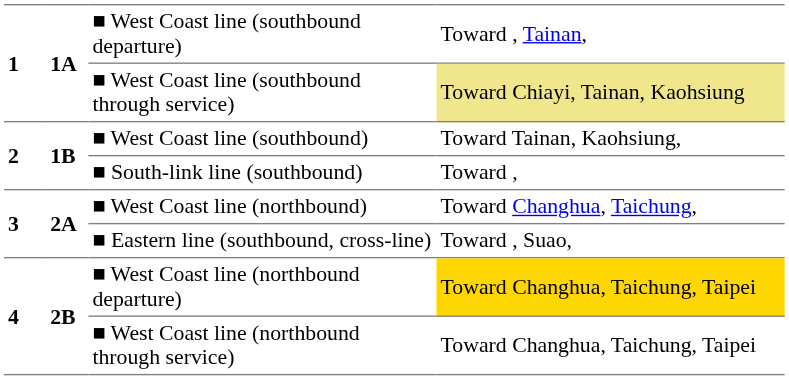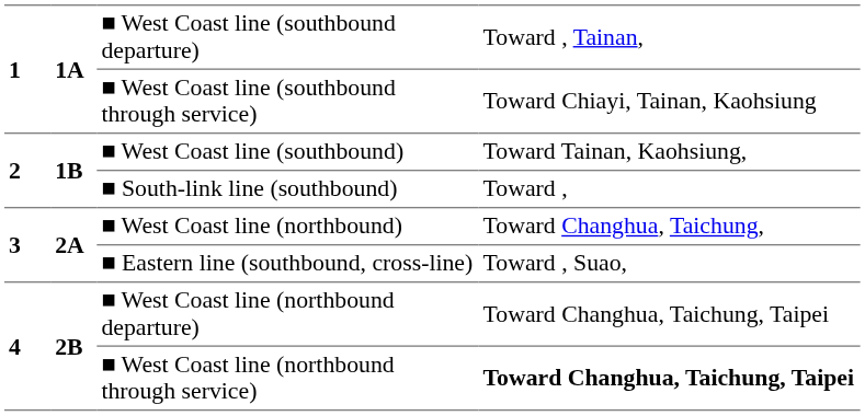 <table table border=0 cellspacing=0 cellpadding=3>
 <tr>
 <td width=25 style="border-top:solid 1px gray; border-bottom:solid 1px gray;" rowspan=2><strong>1</strong></td>
 <td width=25 style="border-top:solid 1px gray; border-bottom:solid 1px gray;" rowspan=2><strong>1A</strong></td>
 <td width=250 style="border-top:solid 1px gray; border-bottom:solid 1px gray;"><span>■</span> West Coast line (southbound departure)</td>
 <td width=250 style="border-top:solid 1px gray; border-bottom:solid 1px gray;">Toward , <a href='#'>Tainan</a>, </td>
 </tr>
 <tr>
 <td width=250 style="border-bottom:solid 1px gray;"><span>■</span> West Coast line (southbound through service)</td>
-<td width=250 style="background: khaki; border-bottom:solid 1px gray;">Toward Chiayi, Tainan, Kaohsiung</td>
+<td width=250 style="border-bottom:solid 1px gray;">Toward Chiayi, Tainan, Kaohsiung</td>
 </tr>
 <tr>
 <td style="border-bottom:solid 1px gray;" rowspan=2><strong>2</strong></td>
 <td style="border-bottom:solid 1px gray;" rowspan=2><strong>1B</strong></td>
 <td style="border-bottom:solid 1px gray;"><span>■</span> West Coast line (southbound)</td>
 <td style="border-bottom:solid 1px gray;">Toward Tainan, Kaohsiung, </td>
 </tr>
 <tr>
 <td style="border-bottom:solid 1px gray;"><span>■</span> South-link line (southbound)</td>
 <td style="border-bottom:solid 1px gray;">Toward , </td>
 </tr>
 <tr>
 <td style="border-bottom:solid 1px gray;" rowspan=2><strong>3</strong></td>
 <td style="border-bottom:solid 1px gray;" rowspan=2><strong>2A</strong></td>
 <td style="border-bottom:solid 1px gray;"><span>■</span> West Coast line (northbound)</td>
 <td style="border-bottom:solid 1px gray;">Toward <a href='#'>Changhua</a>, <a href='#'>Taichung</a>, </td>
 </tr>
 <tr>
 <td style="border-bottom:solid 1px gray;"><span>■</span> Eastern line (southbound, cross-line)</td>
 <td style="border-bottom:solid 1px gray;">Toward , Suao, </td>
 </tr>
 <tr>
 <td style="border-bottom:solid 1px gray;" rowspan=2><strong>4</strong></td>
 <td style="border-bottom:solid 1px gray;" rowspan=2><strong>2B</strong></td>
 <td style="border-bottom:solid 1px gray;"><span>■</span> West Coast line (northbound departure)</td>
-<td style="background: gold; border-bottom:solid 1px gray;">Toward Changhua, Taichung, Taipei</td>
+<td style="border-bottom:solid 1px gray;">Toward Changhua, Taichung, Taipei</td>
 </tr>
 <tr>
 <td style="border-bottom:solid 1px gray;"><span>■</span> West Coast line (northbound through service)</td>
-<td style="border-bottom:solid 1px gray;">Toward Changhua, Taichung, Taipei</td>
+<td style="border-bottom:solid 1px gray;"><strong>Toward Changhua, Taichung, Taipei</strong></td>
 </tr>
 </table>
